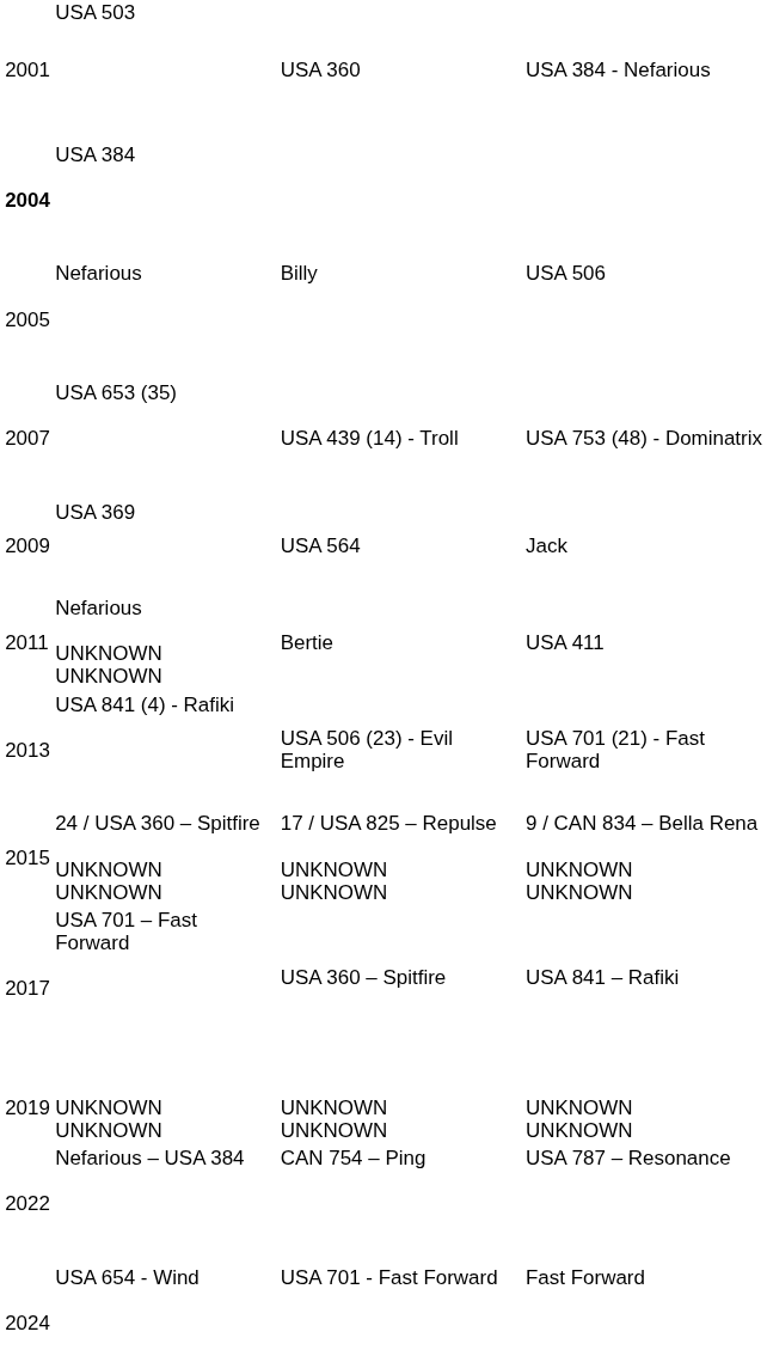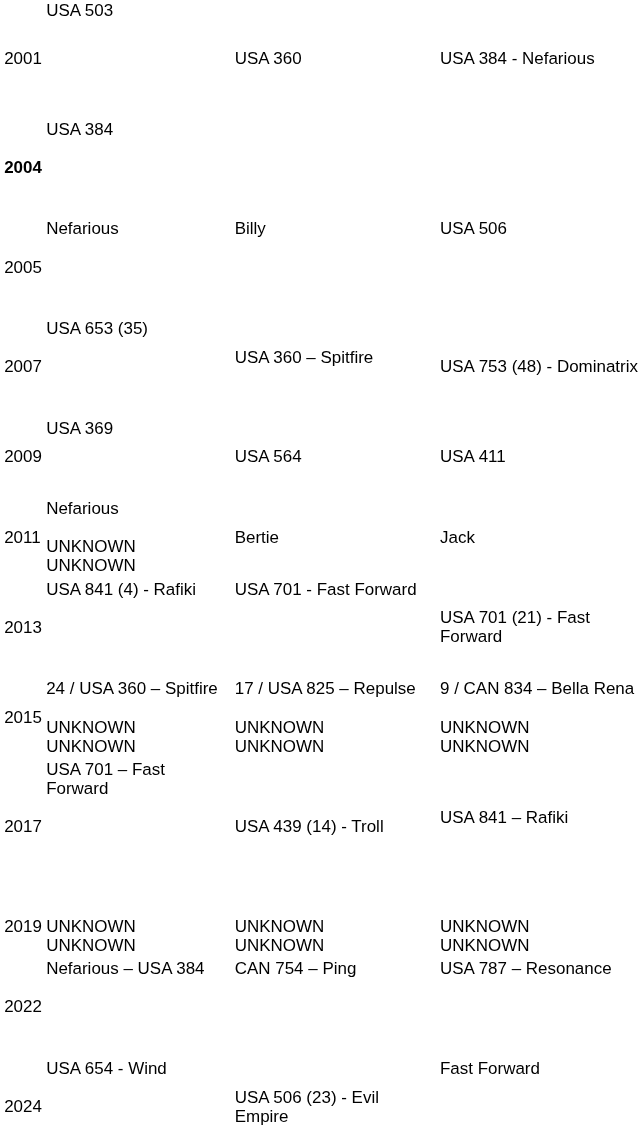 <table>
 <tr>
 <td>2001<br></td>
 <td>USA 503<br><br><br><br> <br> <br></td>
 <td>USA 360<br></td>
 <td>USA 384 - Nefarious<br></td>
 <td></td>
 </tr>
 <tr>
 <td><strong>2004<br></strong></td>
 <td>USA 384<br><br><br><br> <br> </td>
 <td></td>
 <td></td>
 <td></td>
 </tr>
 <tr>
 <td>2005<br></td>
 <td>Nefarious<br><br><br> <br> <br> </td>
 <td>Billy<br><br><br> <br> <br> </td>
 <td>USA 506<br><br><br> <br> <br> </td>
 <td></td>
 </tr>
 <tr>
 <td>2007<br></td>
 <td>USA 653 (35)<br><br><br><br> <br> </td>
-<td>USA 439 (14) - Troll<br></td>
+<td>USA 360 – Spitfire<br><br></td>
 <td>USA 753 (48) - Dominatrix<br></td>
 <td></td>
 </tr>
 <tr>
 <td>2009<br></td>
 <td>USA 369<br><br><br><br></td>
 <td>USA 564<br></td>
-<td>Jack<br></td>
+<td>USA 411<br></td>
 <td></td>
 </tr>
 <tr>
 <td>2011<br></td>
 <td>Nefarious<br><br>UNKNOWN<br>UNKNOWN</td>
 <td>Bertie<br></td>
-<td>USA 411<br></td>
+<td>Jack<br></td>
 <td></td>
 </tr>
 <tr>
 <td>2013<br></td>
 <td>USA 841 (4) - Rafiki<br><br><br> <br> <br> </td>
-<td>USA 506 (23) - Evil Empire<br></td>
+<td>USA 701 - Fast Forward<br><br><br> <br> <br> </td>
 <td>USA 701 (21) - Fast Forward<br></td>
 <td></td>
 </tr>
 <tr>
 <td>2015<br></td>
 <td>24 / USA 360 – Spitfire<br><br>UNKNOWN<br>UNKNOWN</td>
 <td>17 / USA 825 – Repulse<br><br>UNKNOWN<br>UNKNOWN</td>
 <td>9 / CAN 834 – Bella Rena<br><br>UNKNOWN<br>UNKNOWN</td>
 <td></td>
 </tr>
 <tr>
 <td>2017<br></td>
 <td>USA 701 – Fast Forward<br><br><br> <br> <br> <br></td>
-<td>USA 360 – Spitfire<br><br></td>
+<td>USA 439 (14) - Troll<br></td>
 <td>USA 841 – Rafiki<br><br></td>
 <td></td>
 </tr>
 <tr>
 <td>2019<br></td>
 <td><br>UNKNOWN<br>UNKNOWN</td>
 <td><br>UNKNOWN<br>UNKNOWN</td>
 <td><br>UNKNOWN<br>UNKNOWN</td>
 <td></td>
 </tr>
 <tr>
 <td>2022<br></td>
 <td>Nefarious – USA 384<br><br><br> <br> <br> </td>
 <td>CAN 754	– Ping<br><br><br> <br> <br> </td>
 <td>USA 787 – Resonance<br><br><br> <br> <br> </td>
 <td></td>
 </tr>
 <tr>
 <td>2024<br></td>
 <td>USA 654 - Wind<br><br><br> <br> <br> </td>
-<td>USA 701 - Fast Forward<br><br><br> <br> <br> </td>
+<td>USA 506 (23) - Evil Empire<br></td>
 <td>Fast Forward<br><br><br> <br> <br> </td>
 <td></td>
 </tr>
 </table>
